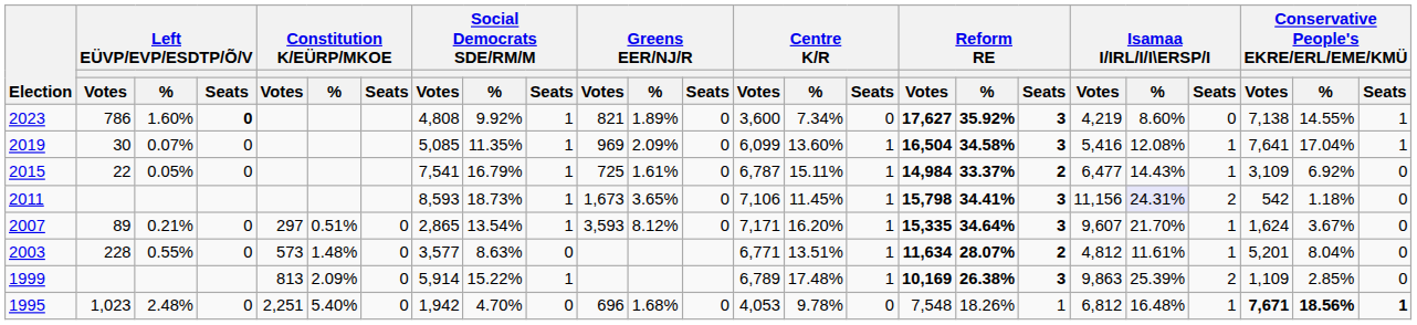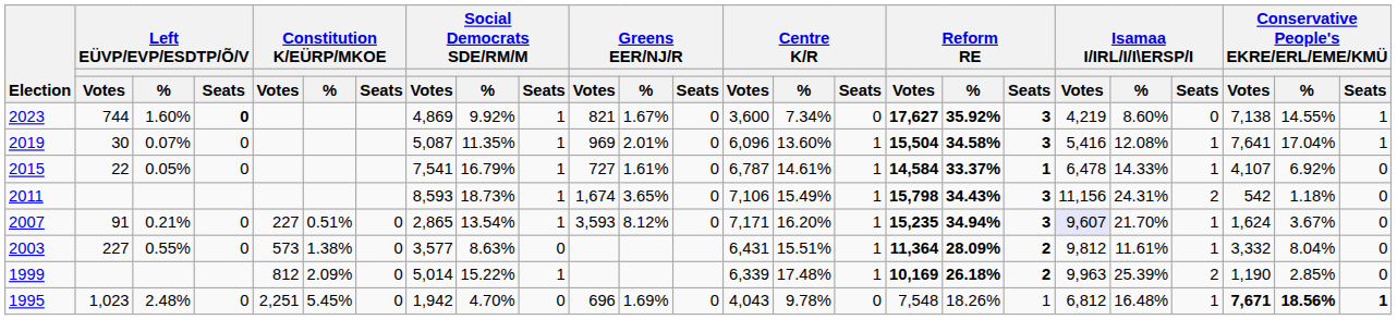 <table class="wikitable" border="1" style="font-size:80%; text-align:right;">
 <tr>
 <th style="text-align:left;" valign=bottom rowspan=3>Election</th>
 <th valign=bottom colspan=3><a href='#'>Left</a><br>EÜVP/EVP/ESDTP/Õ/V</th>
 <th valign=bottom colspan=3><a href='#'>Constitution</a><br>K/EÜRP/MKOE</th>
 <th valign=bottom colspan=3><a href='#'>Social<br>Democrats</a><br>SDE/RM/M</th>
 <th valign=bottom colspan=3><a href='#'>Greens</a><br>EER/NJ/R</th>
 <th valign=bottom colspan=3><a href='#'>Centre</a><br>K/R</th>
 <th valign=bottom colspan=3><a href='#'>Reform</a><br>RE</th>
 <th valign=bottom colspan=3><a href='#'>Isamaa</a><br>I/IRL/I/I\ERSP/I</th>
 <th valign=bottom colspan=3><a href='#'>Conservative<br>People's</a><br>EKRE/ERL/EME/KMÜ</th>
 </tr>
 <tr>
 <th colspan=3 style="background:"></th>
 <th colspan=3 style="background:"></th>
 <th colspan=3 style="background:"></th>
 <th colspan=3 style="background:"></th>
 <th colspan=3 style="background:"></th>
 <th colspan=3 style="background:"></th>
 <th colspan=3 style="background:"></th>
 <th colspan=3 style="background:"></th>
 </tr>
 <tr>
 <th>Votes</th>
 <th>%</th>
 <th>Seats</th>
 <th>Votes</th>
 <th>%</th>
 <th>Seats</th>
 <th>Votes</th>
 <th>%</th>
 <th>Seats</th>
 <th>Votes</th>
 <th>%</th>
 <th>Seats</th>
 <th>Votes</th>
 <th>%</th>
 <th>Seats</th>
 <th>Votes</th>
 <th>%</th>
 <th>Seats</th>
 <th>Votes</th>
 <th>%</th>
 <th>Seats</th>
 <th>Votes</th>
 <th>%</th>
 <th>Seats</th>
 </tr>
 <tr>
 <td align=left><a href='#'>2023</a></td>
-<td>786</td>
+<td>744</td>
 <td>1.60%</td>
 <td><strong>0</strong></td>
 <td></td>
 <td></td>
 <td></td>
-<td>4,808</td>
+<td>4,869</td>
 <td>9.92%</td>
 <td>1</td>
 <td>821</td>
-<td>1.89%</td>
+<td>1.67%</td>
 <td>0</td>
 <td>3,600</td>
 <td>7.34%</td>
 <td>0</td>
 <td><strong>17,627</strong></td>
 <td><strong>35.92%</strong></td>
 <td><strong>3</strong></td>
 <td>4,219</td>
 <td>8.60%</td>
 <td>0</td>
 <td>7,138</td>
 <td>14.55%</td>
 <td>1</td>
 </tr>
 <tr>
 <td align=left><a href='#'>2019</a></td>
 <td>30</td>
 <td>0.07%</td>
 <td>0</td>
 <td></td>
 <td></td>
 <td></td>
-<td>5,085</td>
+<td>5,087</td>
 <td>11.35%</td>
 <td>1</td>
 <td>969</td>
-<td>2.09%</td>
+<td>2.01%</td>
 <td>0</td>
-<td>6,099</td>
+<td>6,096</td>
 <td>13.60%</td>
 <td>1</td>
-<td><strong>16,504</strong></td>
+<td><strong>15,504</strong></td>
 <td><strong>34.58%</strong></td>
 <td><strong>3</strong></td>
 <td>5,416</td>
 <td>12.08%</td>
 <td>1</td>
 <td>7,641</td>
 <td>17.04%</td>
 <td>1</td>
 </tr>
 <tr>
 <td align=left><a href='#'>2015</a></td>
 <td>22</td>
 <td>0.05%</td>
 <td>0</td>
 <td></td>
 <td></td>
 <td></td>
 <td>7,541</td>
 <td>16.79%</td>
 <td>1</td>
-<td>725</td>
+<td>727</td>
 <td>1.61%</td>
 <td>0</td>
 <td>6,787</td>
-<td>15.11%</td>
+<td>14.61%</td>
 <td>1</td>
-<td><strong>14,984</strong></td>
+<td><strong>14,584</strong></td>
 <td><strong>33.37%</strong></td>
-<td><strong>2</strong></td>
-<td>6,477</td>
-<td>14.43%</td>
+<td><strong>1</strong></td>
+<td>6,478</td>
+<td>14.33%</td>
 <td>1</td>
-<td>3,109</td>
+<td>4,107</td>
 <td>6.92%</td>
 <td>0</td>
 </tr>
 <tr>
 <td align=left><a href='#'>2011</a></td>
 <td></td>
 <td></td>
 <td></td>
 <td></td>
 <td></td>
 <td></td>
 <td>8,593</td>
 <td>18.73%</td>
 <td>1</td>
-<td>1,673</td>
+<td>1,674</td>
 <td>3.65%</td>
 <td>0</td>
 <td>7,106</td>
-<td>11.45%</td>
+<td>15.49%</td>
 <td>1</td>
 <td><strong>15,798</strong></td>
-<td><strong>34.41%</strong></td>
+<td><strong>34.43%</strong></td>
 <td><strong>3</strong></td>
 <td>11,156</td>
-<td style="background: lavender;">24.31%</td>
+<td>24.31%</td>
 <td>2</td>
 <td>542</td>
 <td>1.18%</td>
 <td>0</td>
 </tr>
 <tr>
 <td align=left><a href='#'>2007</a></td>
-<td>89</td>
+<td>91</td>
 <td>0.21%</td>
 <td>0</td>
-<td>297</td>
+<td>227</td>
 <td>0.51%</td>
 <td>0</td>
 <td>2,865</td>
 <td>13.54%</td>
 <td>1</td>
 <td>3,593</td>
 <td>8.12%</td>
 <td>0</td>
 <td>7,171</td>
 <td>16.20%</td>
 <td>1</td>
-<td><strong>15,335</strong></td>
-<td><strong>34.64%</strong></td>
+<td><strong>15,235</strong></td>
+<td><strong>34.94%</strong></td>
 <td><strong>3</strong></td>
-<td>9,607</td>
+<td style="background: lavender;">9,607</td>
 <td>21.70%</td>
 <td>1</td>
 <td>1,624</td>
 <td>3.67%</td>
 <td>0</td>
 </tr>
 <tr>
 <td align=left><a href='#'>2003</a></td>
-<td>228</td>
+<td>227</td>
 <td>0.55%</td>
 <td>0</td>
 <td>573</td>
-<td>1.48%</td>
+<td>1.38%</td>
 <td>0</td>
 <td>3,577</td>
 <td>8.63%</td>
 <td>0</td>
 <td></td>
 <td></td>
 <td></td>
-<td>6,771</td>
-<td>13.51%</td>
+<td>6,431</td>
+<td>15.51%</td>
 <td>1</td>
-<td><strong>11,634</strong></td>
-<td><strong>28.07%</strong></td>
+<td><strong>11,364</strong></td>
+<td><strong>28.09%</strong></td>
 <td><strong>2</strong></td>
-<td>4,812</td>
+<td>9,812</td>
 <td>11.61%</td>
 <td>1</td>
-<td>5,201</td>
+<td>3,332</td>
 <td>8.04%</td>
 <td>0</td>
 </tr>
 <tr>
 <td align=left><a href='#'>1999</a></td>
 <td></td>
 <td></td>
 <td></td>
-<td>813</td>
+<td>812</td>
 <td>2.09%</td>
 <td>0</td>
-<td>5,914</td>
+<td>5,014</td>
 <td>15.22%</td>
 <td>1</td>
 <td></td>
 <td></td>
 <td></td>
-<td>6,789</td>
+<td>6,339</td>
 <td>17.48%</td>
 <td>1</td>
 <td><strong>10,169</strong></td>
-<td><strong>26.38%</strong></td>
-<td><strong>3</strong></td>
-<td>9,863</td>
+<td><strong>26.18%</strong></td>
+<td><strong>2</strong></td>
+<td>9,963</td>
 <td>25.39%</td>
 <td>2</td>
-<td>1,109</td>
+<td>1,190</td>
 <td>2.85%</td>
 <td>0</td>
 </tr>
 <tr>
 <td align=left><a href='#'>1995</a></td>
 <td>1,023</td>
 <td>2.48%</td>
 <td>0</td>
 <td>2,251</td>
-<td>5.40%</td>
+<td>5.45%</td>
 <td>0</td>
 <td>1,942</td>
 <td>4.70%</td>
 <td>0</td>
 <td>696</td>
-<td>1.68%</td>
+<td>1.69%</td>
 <td>0</td>
-<td>4,053</td>
+<td>4,043</td>
 <td>9.78%</td>
 <td>0</td>
 <td>7,548</td>
 <td>18.26%</td>
 <td>1</td>
 <td>6,812</td>
 <td>16.48%</td>
 <td>1</td>
 <td><strong>7,671</strong></td>
 <td><strong>18.56%</strong></td>
 <td><strong>1</strong></td>
 </tr>
 </table>
